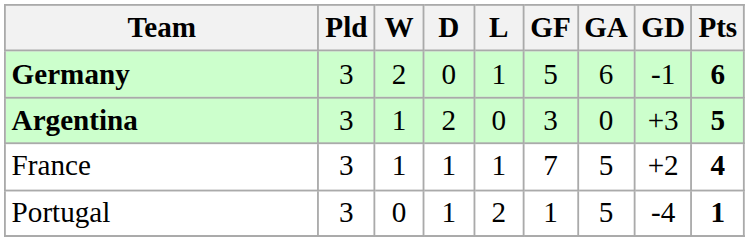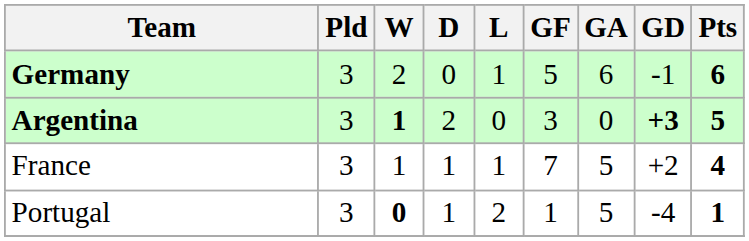 <table class="wikitable" style="text-align: center;">
 <tr>
 <th width=165>Team</th>
 <th width=20>Pld</th>
 <th width=20>W</th>
 <th width=20>D</th>
 <th width=20>L</th>
 <th width=20>GF</th>
 <th width=20>GA</th>
 <th width=20>GD</th>
 <th width=20>Pts</th>
 </tr>
 <tr bgcolor=#ccffcc>
 <td align=left> <strong>Germany</strong></td>
 <td>3</td>
 <td>2</td>
 <td>0</td>
 <td>1</td>
 <td>5</td>
 <td>6</td>
 <td>-1</td>
 <td><strong>6</strong></td>
 </tr>
 <tr bgcolor=#ccffcc>
 <td align=left> <strong>Argentina</strong></td>
 <td>3</td>
-<td>1</td>
+<td><strong>1</strong></td>
 <td>2</td>
 <td>0</td>
 <td>3</td>
 <td>0</td>
-<td>+3</td>
+<td><strong>+3</strong></td>
 <td><strong>5</strong></td>
 </tr>
 <tr bgcolor=#ffffff>
 <td align=left> France</td>
 <td>3</td>
 <td>1</td>
 <td>1</td>
 <td>1</td>
 <td>7</td>
 <td>5</td>
 <td>+2</td>
 <td><strong>4</strong></td>
 </tr>
 <tr bgcolor=#ffffff>
 <td align=left> Portugal</td>
 <td>3</td>
-<td>0</td>
+<td><strong>0</strong></td>
 <td>1</td>
 <td>2</td>
 <td>1</td>
 <td>5</td>
 <td>-4</td>
 <td><strong>1</strong></td>
 </tr>
 <tr>
 </tr>
 </table>
